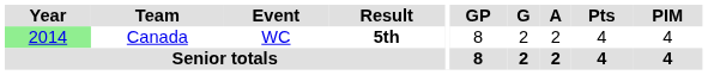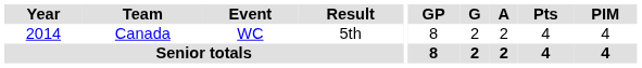 <table border="0" cellpadding="1" cellspacing="0" ID="Table3" style="text-align:center; width:40em;">
 <tr bgcolor="#e0e0e0">
 <th>Year</th>
 <th>Team</th>
 <th>Event</th>
 <th>Result</th>
 <th rowspan="99" bgcolor="#ffffff"></th>
 <th>GP</th>
 <th>G</th>
 <th>A</th>
 <th>Pts</th>
 <th>PIM</th>
 </tr>
 <tr>
-<td style="background: lightgreen;"><a href='#'>2014</a></td>
+<td><a href='#'>2014</a></td>
 <td><a href='#'>Canada</a></td>
 <td><a href='#'>WC</a></td>
-<td><strong>5th</strong></td>
+<td>5th</td>
 <td>8</td>
 <td>2</td>
 <td>2</td>
 <td>4</td>
 <td>4</td>
 </tr>
 <tr bgcolor="#e0e0e0">
 <th colspan="4">Senior totals</th>
 <th>8</th>
 <th>2</th>
 <th>2</th>
 <th>4</th>
 <th>4</th>
 </tr>
 </table>
